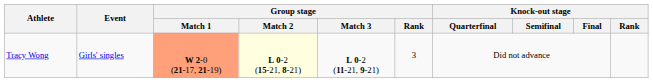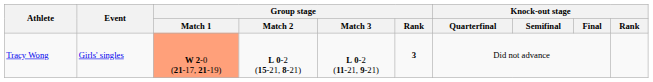 <table class="wikitable" width="85%" style="text-align:left; font-size:90%">
 <tr>
 <th rowspan=2>Athlete</th>
 <th rowspan=2>Event</th>
 <th colspan=4>Group stage</th>
 <th colspan=4>Knock-out stage</th>
 </tr>
 <tr>
 <th>Match 1</th>
 <th>Match 2</th>
 <th>Match 3</th>
 <th>Rank</th>
 <th>Quarterfinal</th>
 <th>Semifinal</th>
 <th>Final</th>
 <th>Rank</th>
 </tr>
 <tr>
 <td><a href='#'>Tracy Wong</a></td>
 <td><a href='#'>Girls' singles</a></td>
 <td align=center style="background: lightsalmon;"> <br><br><strong>W</strong> <strong>2</strong>-0 <br> (<strong>21</strong>-17, <strong>21</strong>-19)</td>
-<td align=center style="background: lightyellow;"> <br><br><strong>L</strong> <strong>0</strong>-2 <br> (<strong>15</strong>-21, <strong>8</strong>-21)</td>
+<td align=center> <br><br><strong>L</strong> <strong>0</strong>-2 <br> (<strong>15</strong>-21, <strong>8</strong>-21)</td>
 <td align=center> <br><br><strong>L</strong> <strong>0</strong>-2 <br> (<strong>11</strong>-21, <strong>9</strong>-21)</td>
-<td align=center>3</td>
+<td align=center><strong>3</strong></td>
 <td colspan="3" align=center>Did not advance</td>
 <td align=center></td>
 </tr>
 </table>
